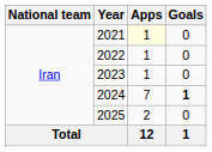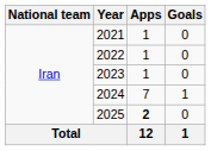 <table class="wikitable" style="text-align:center">
 <tr>
 <th>National team</th>
 <th>Year</th>
 <th>Apps</th>
 <th>Goals</th>
 </tr>
 <tr>
 <td rowspan="5"><a href='#'>Iran</a></td>
 <td>2021</td>
-<td style="background: lightyellow;">1</td>
+<td>1</td>
 <td>0</td>
 </tr>
 <tr>
 <td>2022</td>
 <td>1</td>
 <td>0</td>
 </tr>
 <tr>
 <td>2023</td>
 <td>1</td>
 <td>0</td>
 </tr>
 <tr>
 <td>2024</td>
 <td>7</td>
-<td><strong>1</strong></td>
+<td>1</td>
 </tr>
 <tr>
 <td>2025</td>
-<td>2</td>
+<td><strong>2</strong></td>
 <td>0</td>
 </tr>
 <tr>
 <th colspan="2">Total</th>
 <th>12</th>
 <th>1</th>
 </tr>
 </table>
